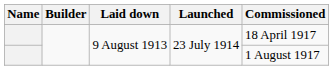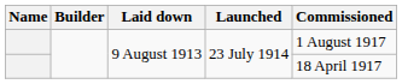 <table class="wikitable plainrowheaders">
 <tr>
 <th scope="col">Name</th>
 <th scope="col">Builder</th>
 <th scope="col">Laid down</th>
 <th scope="col">Launched</th>
 <th scope="col">Commissioned</th>
 </tr>
 <tr>
 <th scope="row"></th>
 <td rowspan=2></td>
 <td rowspan=2>9 August 1913</td>
 <td rowspan=2>23 July 1914</td>
-<td>18 April 1917</td>
+<td>1 August 1917</td>
 </tr>
 <tr>
 <th scope="row"></th>
-<td>1 August 1917</td>
+<td>18 April 1917</td>
 </tr>
 </table>
